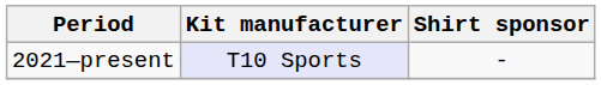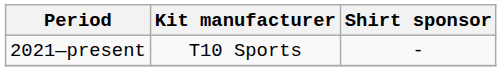 <table class="wikitable" style="text-align:center;margin-left:1em;float:center">
 <tr>
 <th>Period</th>
 <th>Kit manufacturer</th>
 <th>Shirt sponsor</th>
 </tr>
 <tr>
 <td>2021—present</td>
-<td style="background: lavender;">T10 Sports</td>
+<td>T10 Sports</td>
 <td>-</td>
 </tr>
 <tr>
 </tr>
 </table>
